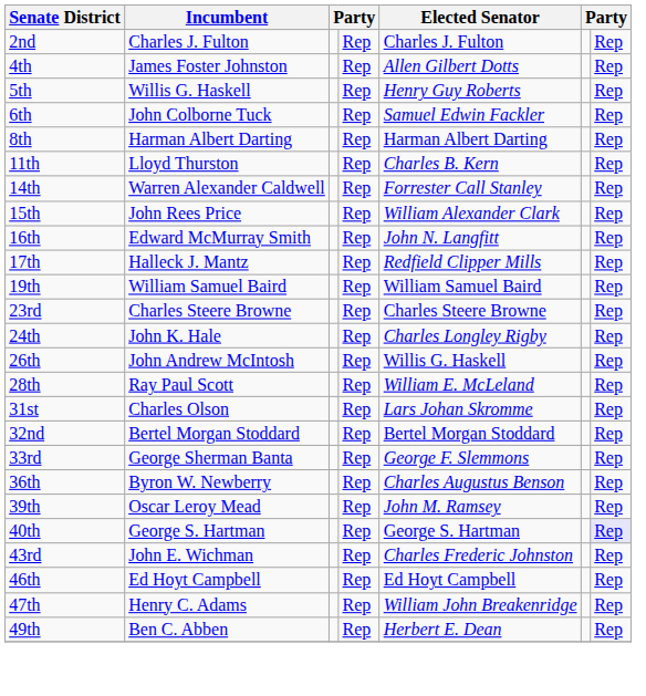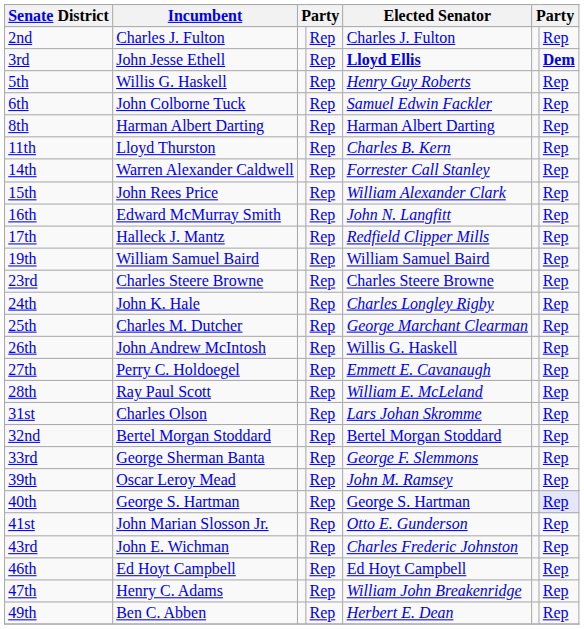 <table class="sortable wikitable" style="font-size:95%;line-height:14px;">
 <tr>
 <th class="unsortable"><a href='#'>Senate</a> District</th>
 <th class="unsortable"><a href='#'>Incumbent</a></th>
 <th colspan="2">Party</th>
 <th class="unsortable">Elected Senator</th>
 <th colspan="2">Party</th>
 </tr>
 <tr>
 <td><a href='#'>2nd</a></td>
 <td><a href='#'>Charles J. Fulton</a></td>
 <td style="background:"></td>
 <td><a href='#'>Rep</a></td>
 <td><a href='#'>Charles J. Fulton</a></td>
 <td style="background:"></td>
 <td><a href='#'>Rep</a></td>
 </tr>
 <tr>
-<td><a href='#'>4th</a></td>
-<td><a href='#'>James Foster Johnston</a></td>
+<td><a href='#'>3rd</a></td>
+<td><a href='#'>John Jesse Ethell</a></td>
 <td style="background:"></td>
 <td><a href='#'>Rep</a></td>
-<td><em><a href='#'>Allen Gilbert Dotts</a></em></td>
+<td><strong><a href='#'>Lloyd Ellis</a></strong></td>
 <td style="background:"></td>
-<td><a href='#'>Rep</a></td>
+<td><strong><a href='#'>Dem</a></strong></td>
 </tr>
 <tr>
 <td><a href='#'>5th</a></td>
 <td><a href='#'>Willis G. Haskell</a></td>
 <td style="background:"></td>
 <td><a href='#'>Rep</a></td>
 <td><em><a href='#'>Henry Guy Roberts</a></em></td>
 <td style="background:"></td>
 <td><a href='#'>Rep</a></td>
 </tr>
 <tr>
 <td><a href='#'>6th</a></td>
 <td><a href='#'>John Colborne Tuck</a></td>
 <td style="background:"></td>
 <td><a href='#'>Rep</a></td>
 <td><em><a href='#'>Samuel Edwin Fackler</a></em></td>
 <td style="background:"></td>
 <td><a href='#'>Rep</a></td>
 </tr>
 <tr>
 <td><a href='#'>8th</a></td>
 <td><a href='#'>Harman Albert Darting</a></td>
 <td style="background:"></td>
 <td><a href='#'>Rep</a></td>
 <td><a href='#'>Harman Albert Darting</a></td>
 <td style="background:"></td>
 <td><a href='#'>Rep</a></td>
 </tr>
 <tr>
 <td><a href='#'>11th</a></td>
 <td><a href='#'>Lloyd Thurston</a></td>
 <td style="background:"></td>
 <td><a href='#'>Rep</a></td>
 <td><em><a href='#'>Charles B. Kern</a></em></td>
 <td style="background:"></td>
 <td><a href='#'>Rep</a></td>
 </tr>
 <tr>
 <td><a href='#'>14th</a></td>
 <td><a href='#'>Warren Alexander Caldwell</a></td>
 <td style="background:"></td>
 <td><a href='#'>Rep</a></td>
 <td><em><a href='#'>Forrester Call Stanley</a></em></td>
 <td style="background:"></td>
 <td><a href='#'>Rep</a></td>
 </tr>
 <tr>
 <td><a href='#'>15th</a></td>
 <td><a href='#'>John Rees Price</a></td>
 <td style="background:"></td>
 <td><a href='#'>Rep</a></td>
 <td><em><a href='#'>William Alexander Clark</a></em></td>
 <td style="background:"></td>
 <td><a href='#'>Rep</a></td>
 </tr>
 <tr>
 <td><a href='#'>16th</a></td>
 <td><a href='#'>Edward McMurray Smith</a></td>
 <td style="background:"></td>
 <td><a href='#'>Rep</a></td>
 <td><em><a href='#'>John N. Langfitt</a></em></td>
 <td style="background:"></td>
 <td><a href='#'>Rep</a></td>
 </tr>
 <tr>
 <td><a href='#'>17th</a></td>
 <td><a href='#'>Halleck J. Mantz</a></td>
 <td style="background:"></td>
 <td><a href='#'>Rep</a></td>
 <td><em><a href='#'>Redfield Clipper Mills</a></em></td>
 <td style="background:"></td>
 <td><a href='#'>Rep</a></td>
 </tr>
 <tr>
 <td><a href='#'>19th</a></td>
 <td><a href='#'>William Samuel Baird</a></td>
 <td style="background:"></td>
 <td><a href='#'>Rep</a></td>
 <td><a href='#'>William Samuel Baird</a></td>
 <td style="background:"></td>
 <td><a href='#'>Rep</a></td>
 </tr>
 <tr>
 <td><a href='#'>23rd</a></td>
 <td><a href='#'>Charles Steere Browne</a></td>
 <td style="background:"></td>
 <td><a href='#'>Rep</a></td>
 <td><a href='#'>Charles Steere Browne</a></td>
 <td style="background:"></td>
 <td><a href='#'>Rep</a></td>
 </tr>
 <tr>
 <td><a href='#'>24th</a></td>
 <td><a href='#'>John K. Hale</a></td>
 <td style="background:"></td>
 <td><a href='#'>Rep</a></td>
 <td><em><a href='#'>Charles Longley Rigby</a></em></td>
 <td style="background:"></td>
 <td><a href='#'>Rep</a></td>
 </tr>
 <tr>
+<td><a href='#'>25th</a></td>
+<td><a href='#'>Charles M. Dutcher</a></td>
+<td style="background:"></td>
+<td><a href='#'>Rep</a></td>
+<td><em><a href='#'>George Marchant Clearman</a></em></td>
+<td style="background:"></td>
+<td><a href='#'>Rep</a></td>
+</tr>
+<tr>
 <td><a href='#'>26th</a></td>
 <td><a href='#'>John Andrew McIntosh</a></td>
 <td style="background:"></td>
 <td><a href='#'>Rep</a></td>
 <td><a href='#'>Willis G. Haskell</a></td>
+<td style="background:"></td>
+<td><a href='#'>Rep</a></td>
+</tr>
+<tr>
+<td><a href='#'>27th</a></td>
+<td><a href='#'>Perry C. Holdoegel</a></td>
+<td style="background:"></td>
+<td><a href='#'>Rep</a></td>
+<td><em><a href='#'>Emmett E. Cavanaugh</a></em></td>
 <td style="background:"></td>
 <td><a href='#'>Rep</a></td>
 </tr>
 <tr>
 <td><a href='#'>28th</a></td>
 <td><a href='#'>Ray Paul Scott</a></td>
 <td style="background:"></td>
 <td><a href='#'>Rep</a></td>
 <td><em><a href='#'>William E. McLeland</a></em></td>
 <td style="background:"></td>
 <td><a href='#'>Rep</a></td>
 </tr>
 <tr>
 <td><a href='#'>31st</a></td>
 <td><a href='#'>Charles Olson</a></td>
 <td style="background:"></td>
 <td><a href='#'>Rep</a></td>
 <td><em><a href='#'>Lars Johan Skromme</a></em></td>
 <td style="background:"></td>
 <td><a href='#'>Rep</a></td>
 </tr>
 <tr>
 <td><a href='#'>32nd</a></td>
 <td><a href='#'>Bertel Morgan Stoddard</a></td>
 <td style="background:"></td>
 <td><a href='#'>Rep</a></td>
 <td><a href='#'>Bertel Morgan Stoddard</a></td>
 <td style="background:"></td>
 <td><a href='#'>Rep</a></td>
 </tr>
 <tr>
 <td><a href='#'>33rd</a></td>
 <td><a href='#'>George Sherman Banta</a></td>
 <td style="background:"></td>
 <td><a href='#'>Rep</a></td>
 <td><em><a href='#'>George F. Slemmons</a></em></td>
 <td style="background:"></td>
 <td><a href='#'>Rep</a></td>
 </tr>
 <tr>
-<td><a href='#'>36th</a></td>
-<td><a href='#'>Byron W. Newberry</a></td>
-<td style="background:"></td>
-<td><a href='#'>Rep</a></td>
-<td><em><a href='#'>Charles Augustus Benson</a></em></td>
-<td style="background:"></td>
-<td><a href='#'>Rep</a></td>
-</tr>
-<tr>
 <td><a href='#'>39th</a></td>
 <td><a href='#'>Oscar Leroy Mead</a></td>
 <td style="background:"></td>
 <td><a href='#'>Rep</a></td>
 <td><em><a href='#'>John M. Ramsey</a></em></td>
 <td style="background:"></td>
 <td><a href='#'>Rep</a></td>
 </tr>
 <tr>
 <td><a href='#'>40th</a></td>
 <td><a href='#'>George S. Hartman</a></td>
 <td style="background:"></td>
 <td><a href='#'>Rep</a></td>
 <td><a href='#'>George S. Hartman</a></td>
 <td style="background:"></td>
 <td style="background: lavender;"><a href='#'>Rep</a></td>
+</tr>
+<tr>
+<td><a href='#'>41st</a></td>
+<td><a href='#'>John Marian Slosson Jr.</a></td>
+<td style="background:"></td>
+<td><a href='#'>Rep</a></td>
+<td><em><a href='#'>Otto E. Gunderson</a></em></td>
+<td style="background:"></td>
+<td><a href='#'>Rep</a></td>
 </tr>
 <tr>
 <td><a href='#'>43rd</a></td>
 <td><a href='#'>John E. Wichman</a></td>
 <td style="background:"></td>
 <td><a href='#'>Rep</a></td>
 <td><em><a href='#'>Charles Frederic Johnston</a></em></td>
 <td style="background:"></td>
 <td><a href='#'>Rep</a></td>
 </tr>
 <tr>
 <td><a href='#'>46th</a></td>
 <td><a href='#'>Ed Hoyt Campbell</a></td>
 <td style="background:"></td>
 <td><a href='#'>Rep</a></td>
 <td><a href='#'>Ed Hoyt Campbell</a></td>
 <td style="background:"></td>
 <td><a href='#'>Rep</a></td>
 </tr>
 <tr>
 <td><a href='#'>47th</a></td>
 <td><a href='#'>Henry C. Adams</a></td>
 <td style="background:"></td>
 <td><a href='#'>Rep</a></td>
 <td><em><a href='#'>William John Breakenridge</a></em></td>
 <td style="background:"></td>
 <td><a href='#'>Rep</a></td>
 </tr>
 <tr>
 <td><a href='#'>49th</a></td>
 <td><a href='#'>Ben C. Abben</a></td>
 <td style="background:"></td>
 <td><a href='#'>Rep</a></td>
 <td><em><a href='#'>Herbert E. Dean</a></em></td>
 <td style="background:"></td>
 <td><a href='#'>Rep</a></td>
 </tr>
 <tr>
 </tr>
 </table>
